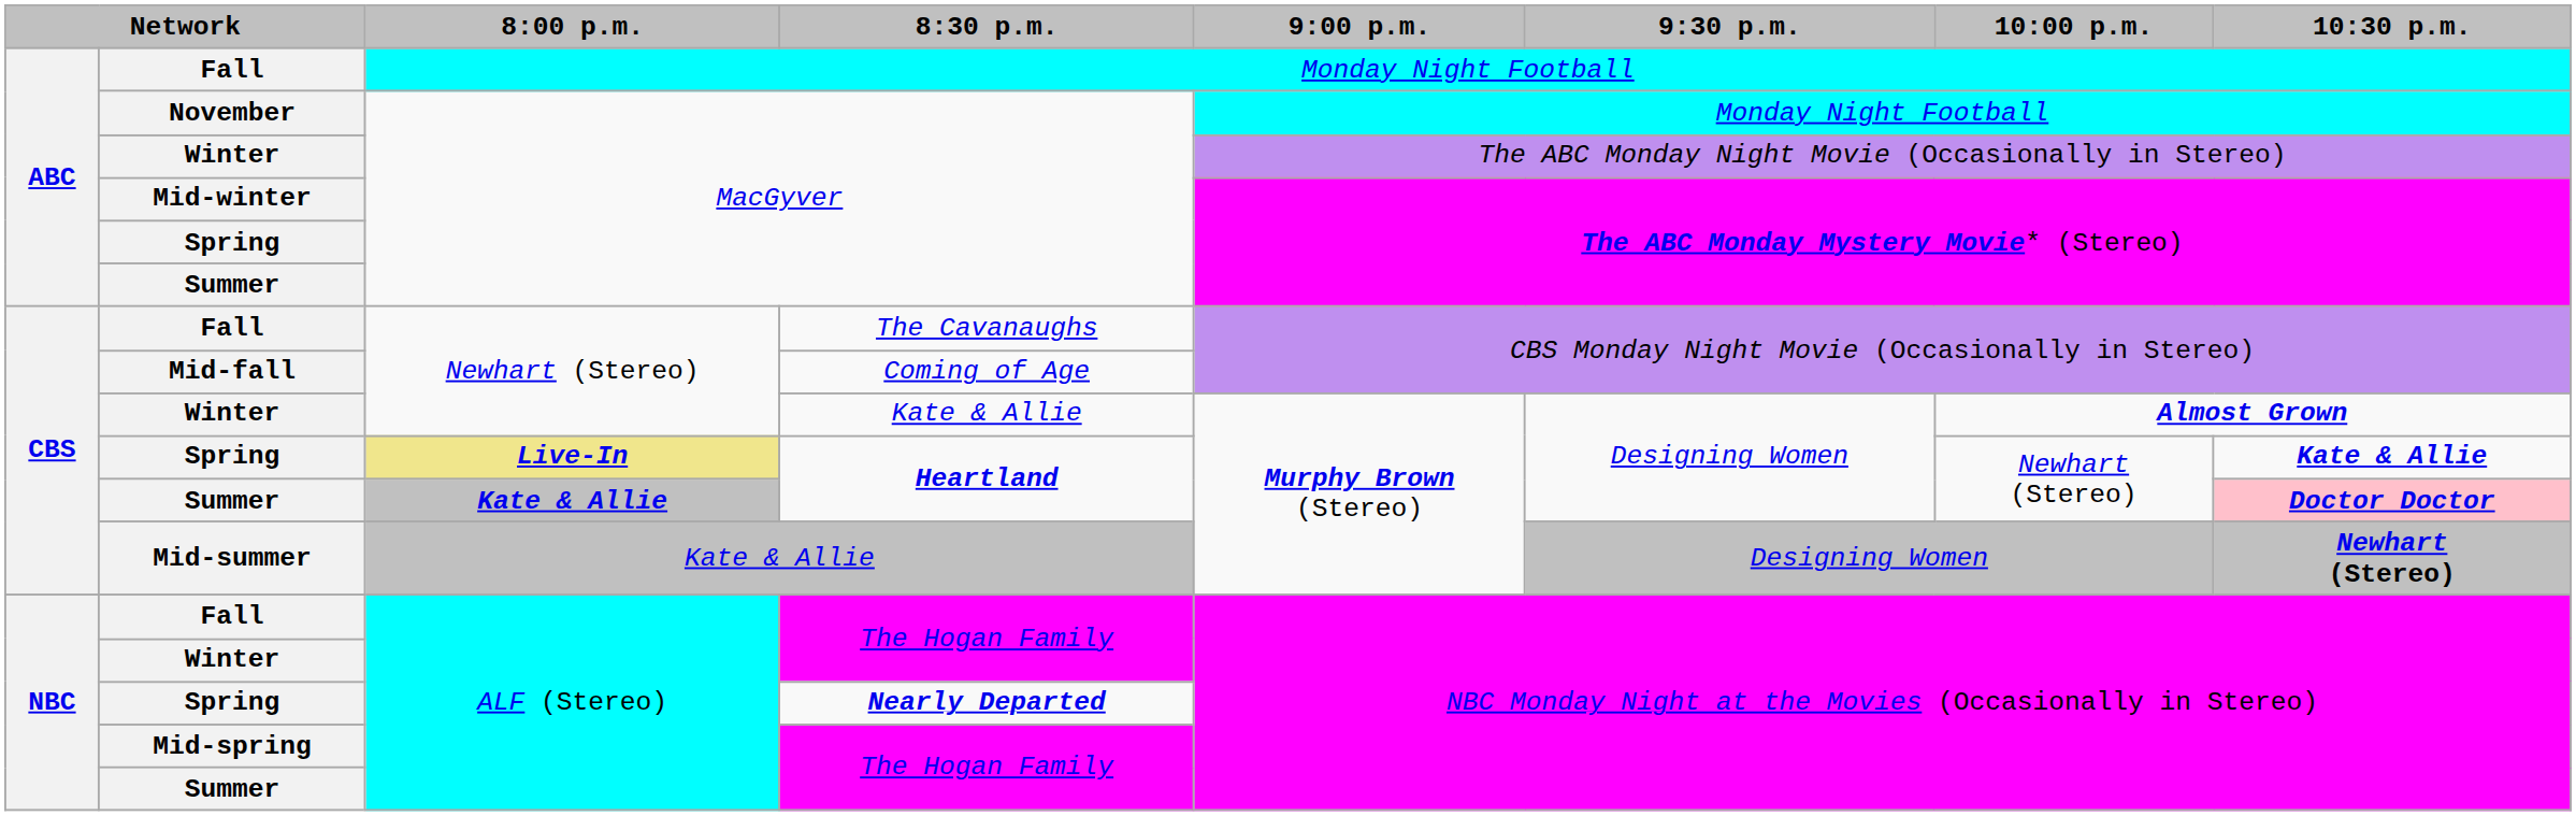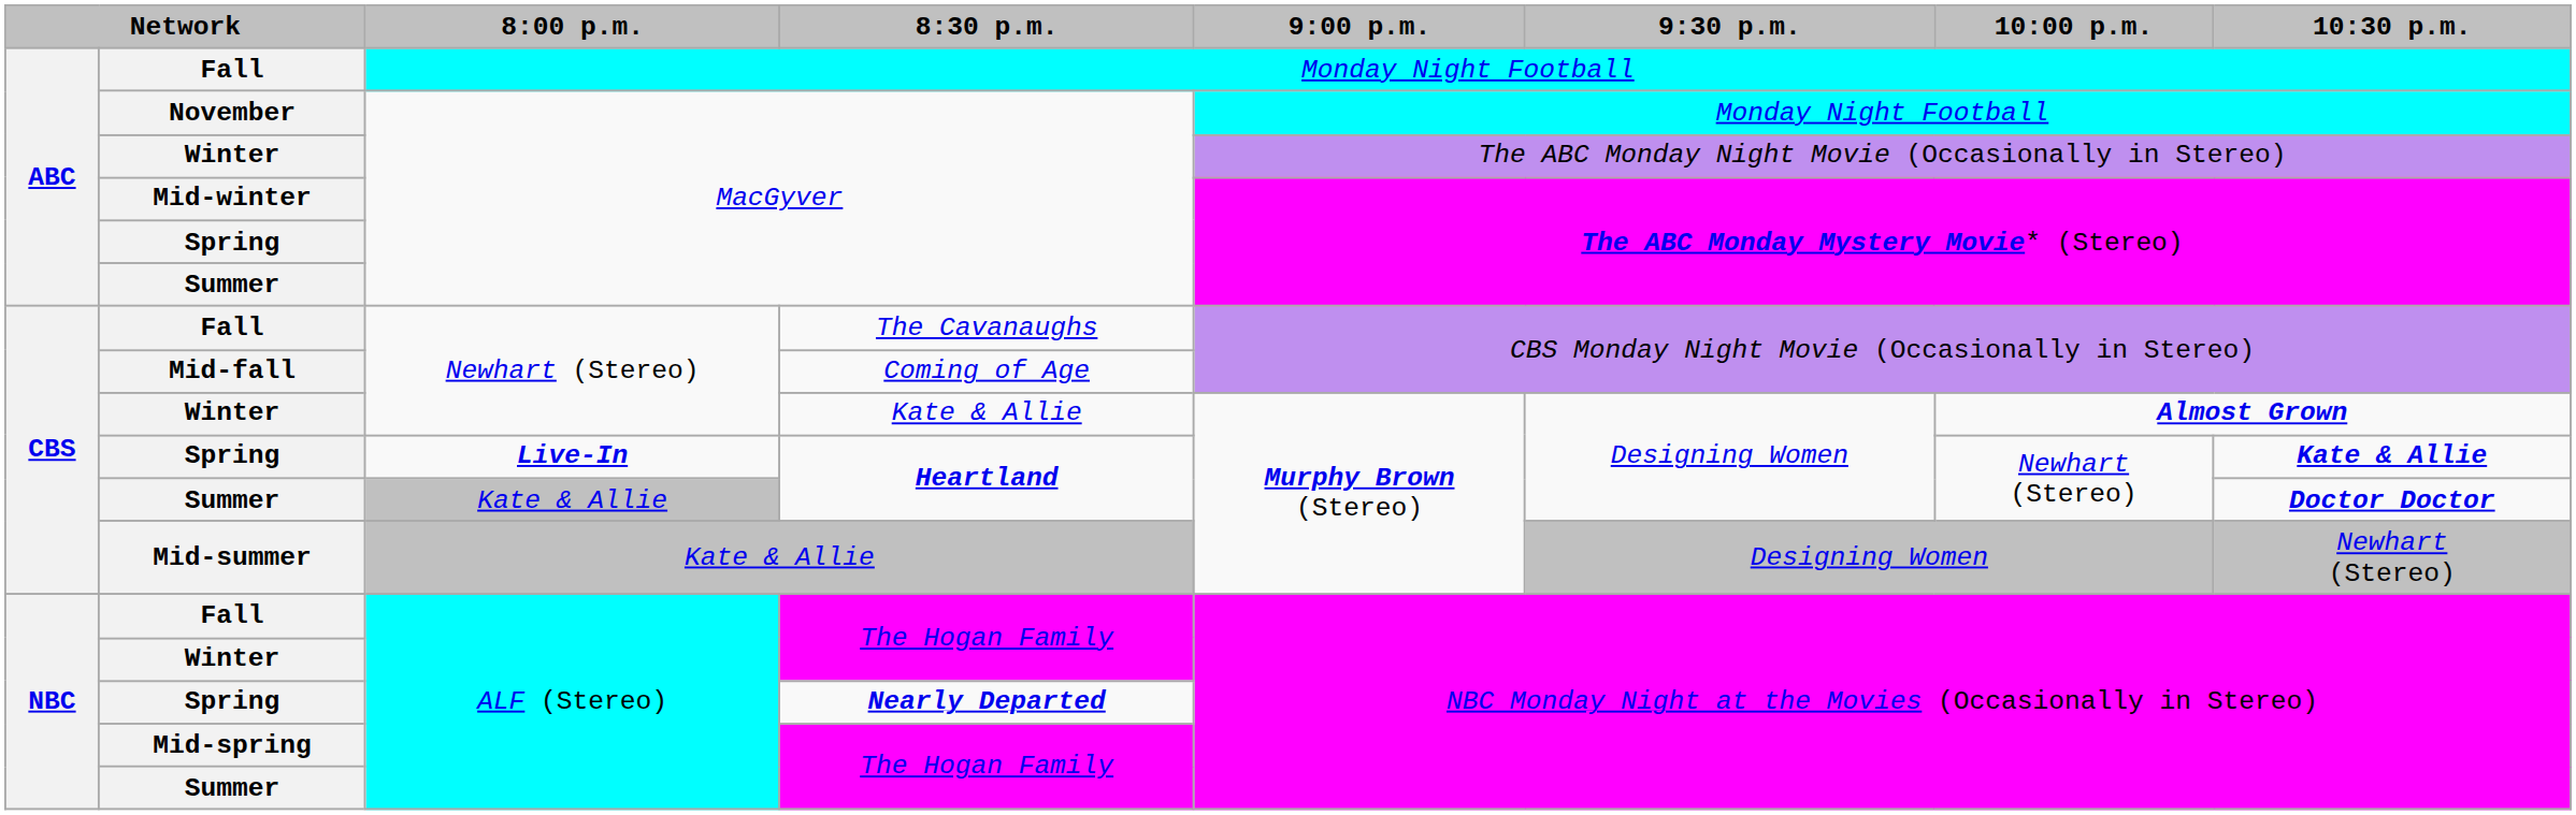 <table class="wikitable" style="width:100%;margin-right:0;text-align:center;">
 <tr>
 <th colspan="2" style="background-color:#C0C0C0;text-align:center">Network</th>
 <th style="background-color:#C0C0C0;text-align:center">8:00 p.m.</th>
 <th style="background-color:#C0C0C0;text-align:center">8:30 p.m.</th>
 <th style="background-color:#C0C0C0;text-align:center">9:00 p.m.</th>
 <th style="background-color:#C0C0C0;text-align:center">9:30 p.m.</th>
 <th style="background-color:#C0C0C0;text-align:center">10:00 p.m.</th>
 <th style="background-color:#C0C0C0;text-align:center">10:30 p.m.</th>
 </tr>
 <tr>
 <th rowspan="6"><a href='#'>ABC</a></th>
 <th>Fall</th>
 <td style="background:#00FFFF;" colspan="6"><em><a href='#'>Monday Night Football</a></em> </td>
 </tr>
 <tr>
 <th>November</th>
 <td rowspan="5" colspan="2"><em><a href='#'>MacGyver</a></em></td>
 <td style="background:#00FFFF;" colspan="4"><em><a href='#'>Monday Night Football</a></em> </td>
 </tr>
 <tr>
 <th>Winter</th>
 <td colspan="4" style="background:#bf8fef;"><em>The ABC Monday Night Movie</em> (Occasionally in Stereo)</td>
 </tr>
 <tr>
 <th>Mid-winter</th>
 <td style="background:#FF00FF;" rowspan="3" colspan="4"><strong><em><a href='#'>The ABC Monday Mystery Movie</a></em></strong>* (Stereo) </td>
 </tr>
 <tr>
 <th>Spring</th>
 </tr>
 <tr>
 <th>Summer</th>
 </tr>
 <tr>
 <th rowspan="6"><a href='#'>CBS</a></th>
 <th>Fall</th>
 <td rowspan="3"><em><a href='#'>Newhart</a></em> (Stereo)</td>
 <td><em><a href='#'>The Cavanaughs</a></em></td>
 <td rowspan="2" colspan="4" style="background:#bf8fef;"><em>CBS Monday Night Movie</em> (Occasionally in Stereo)</td>
 </tr>
 <tr>
 <th>Mid-fall</th>
 <td><em><a href='#'>Coming of Age</a></em></td>
 </tr>
 <tr>
 <th>Winter</th>
 <td><em><a href='#'>Kate & Allie</a></em></td>
 <td rowspan="4"><strong><em><a href='#'>Murphy Brown</a></em></strong><br>(Stereo)</td>
 <td rowspan="3"><em><a href='#'>Designing Women</a></em></td>
 <td colspan="2"><strong><em><a href='#'>Almost Grown</a></em></strong></td>
 </tr>
 <tr>
 <th>Spring</th>
-<td style="background: khaki;"><strong><em><a href='#'>Live-In</a></em></strong></td>
+<td><strong><em><a href='#'>Live-In</a></em></strong></td>
 <td rowspan="2"><strong><em><a href='#'>Heartland</a></em></strong></td>
 <td rowspan="2"><em><a href='#'>Newhart</a></em><br>(Stereo)</td>
 <td><strong><em><a href='#'>Kate & Allie</a></em></strong></td>
 </tr>
 <tr>
 <th>Summer</th>
-<td style="background:#C0C0C0;"><strong><em><a href='#'>Kate & Allie</a></em> </strong></td>
-<td style="background: pink;"><strong><em><a href='#'>Doctor Doctor</a></em></strong></td>
+<td style="background:#C0C0C0;"><em><a href='#'>Kate & Allie</a></em> </td>
+<td><strong><em><a href='#'>Doctor Doctor</a></em></strong></td>
 </tr>
 <tr>
 <th>Mid-summer</th>
 <td colspan="2" style="background:#C0C0C0;"><em><a href='#'>Kate & Allie</a></em> </td>
 <td colspan="2" style="background:#C0C0C0;"><em><a href='#'>Designing Women</a></em> </td>
-<td style="background:#C0C0C0;"><strong><em><a href='#'>Newhart</a></em><br>(Stereo) </strong></td>
+<td style="background:#C0C0C0;"><em><a href='#'>Newhart</a></em><br>(Stereo) </td>
 </tr>
 <tr>
 <th rowspan="5"><a href='#'>NBC</a></th>
 <th>Fall</th>
 <td style="background:#00FFFF;" rowspan="5"><em><a href='#'>ALF</a></em> (Stereo) </td>
 <td rowspan="2" style="background:#FF00FF;"><em><a href='#'>The Hogan Family</a></em> </td>
 <td style="background:#FF00FF;" rowspan="5" colspan="4"><em><a href='#'>NBC Monday Night at the Movies</a></em> (Occasionally in Stereo) </td>
 </tr>
 <tr>
 <th>Winter</th>
 </tr>
 <tr>
 <th>Spring</th>
 <td><strong><em><a href='#'>Nearly Departed</a></em></strong></td>
 </tr>
 <tr>
 <th>Mid-spring</th>
 <td style="background:#FF00FF;" rowspan="2"><em><a href='#'>The Hogan Family</a></em> </td>
 </tr>
 <tr>
 <th>Summer</th>
 </tr>
 </table>
